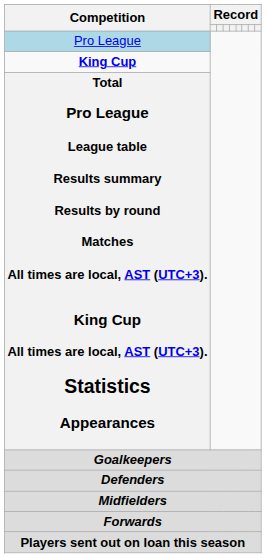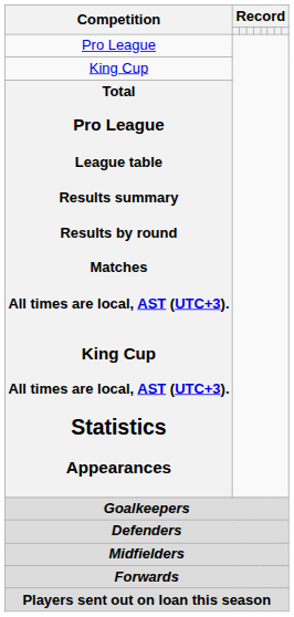 <table class="wikitable" style="text-align: center">
 <tr>
 <th rowspan=2>Competition</th>
 <th colspan=8>Record</th>
 </tr>
 <tr>
 <th></th>
 <th></th>
 <th></th>
 <th></th>
 <th></th>
 <th></th>
 <th></th>
 <th></th>
 </tr>
 <tr>
-<td style="background: lightblue;"><a href='#'>Pro League</a><br></td>
+<td><a href='#'>Pro League</a><br></td>
 </tr>
 <tr>
-<td><strong><a href='#'>King Cup</a><br></strong></td>
+<td><a href='#'>King Cup</a><br></td>
 </tr>
 <tr>
 <th>Total<br> <h3>Pro League</h3><h4>League table</h4><h4>Results summary</h4> <h4>Results by round</h4><h4>Matches</h4>All times are local, <a href='#'>AST</a> (<a href='#'>UTC+3</a>).<br>   <br>                             <h3>King Cup</h3> All times are local, <a href='#'>AST</a> (<a href='#'>UTC+3</a>).<br>   <h2>Statistics</h2><h3>Appearances</h3></th>
 </tr>
 <tr>
 <th colspan=10 style=background:#dcdcdc; text-align:center><em>Goalkeepers</em><br>  </th>
 </tr>
 <tr>
 <th colspan=10 style=background:#dcdcdc; text-align:center><em>Defenders</em><br>          </th>
 </tr>
 <tr>
 <th colspan=10 style=background:#dcdcdc; text-align:center><em>Midfielders</em><br>          </th>
 </tr>
 <tr>
 <th colspan=10 style=background:#dcdcdc; text-align:center><em>Forwards</em><br>   </th>
 </tr>
 <tr>
 <th colspan=10 style=background:#dcdcdc; text-align:center>Players sent out on loan this season<br> </th>
 </tr>
 </table>
